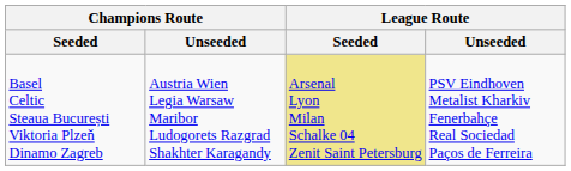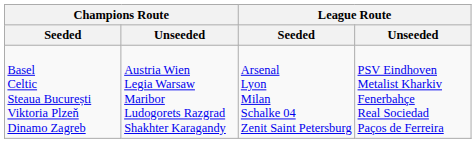 <table class="wikitable" style="font-size:80%">
 <tr>
 <th colspan=2>Champions Route</th>
 <th colspan=2>League Route</th>
 </tr>
 <tr>
 <th width=25%>Seeded</th>
 <th width=25%>Unseeded</th>
 <th width=25%>Seeded</th>
 <th width=25%>Unseeded</th>
 </tr>
 <tr>
 <td valign=top><br> <a href='#'>Basel</a><br>  <a href='#'>Celtic</a><br>  <a href='#'>Steaua București</a><br>  <a href='#'>Viktoria Plzeň</a><br>  <a href='#'>Dinamo Zagreb</a></td>
 <td valign=top><br> <a href='#'>Austria Wien</a><br>  <a href='#'>Legia Warsaw</a><br>  <a href='#'>Maribor</a><br>  <a href='#'>Ludogorets Razgrad</a><br>  <a href='#'>Shakhter Karagandy</a></td>
-<td valign=top style="background: khaki;"><br> <a href='#'>Arsenal</a><br>  <a href='#'>Lyon</a><br>  <a href='#'>Milan</a><br>  <a href='#'>Schalke 04</a><br>  <a href='#'>Zenit Saint Petersburg</a></td>
+<td valign=top><br> <a href='#'>Arsenal</a><br>  <a href='#'>Lyon</a><br>  <a href='#'>Milan</a><br>  <a href='#'>Schalke 04</a><br>  <a href='#'>Zenit Saint Petersburg</a></td>
 <td valign=top><br> <a href='#'>PSV Eindhoven</a><br>  <a href='#'>Metalist Kharkiv</a><br>  <a href='#'>Fenerbahçe</a><br>  <a href='#'>Real Sociedad</a><br>  <a href='#'>Paços de Ferreira</a><br></td>
 </tr>
 </table>
